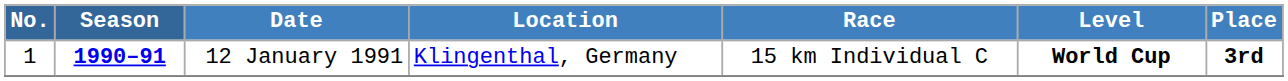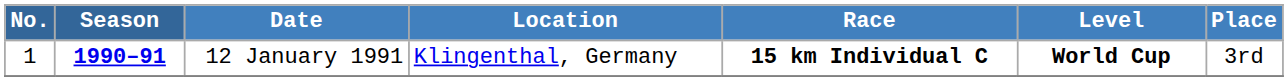 <table class="wikitable sortable" style="font-size:95%; text-align:center; border:grey solid 1px; border-collapse:collapse; background:#ffffff;">
 <tr style="background:#efefef;">
 <th style="background-color:#369; color:white;">No.</th>
 <th style="background-color:#369; color:white;">Season</th>
 <th style="background-color:#4180be; color:white; width:120px;">Date</th>
 <th style="background-color:#4180be; color:white; width:170px;">Location</th>
 <th style="background-color:#4180be; color:white; width:160px;">Race</th>
 <th style="background-color:#4180be; color:white; width:100px;">Level</th>
 <th style="background-color:#4180be; color:white;">Place</th>
 </tr>
 <tr>
 <td align=center>1</td>
 <td rowspan=1 align=center><strong> <a href='#'>1990–91</a> </strong></td>
 <td align=right>12 January 1991</td>
 <td align=left> <a href='#'>Klingenthal</a>, Germany</td>
-<td>15 km Individual C</td>
+<td><strong>15 km Individual C</strong></td>
 <td><strong>World Cup</strong></td>
-<td><strong>3rd</strong></td>
+<td>3rd</td>
 </tr>
 <tr>
 </tr>
 </table>
